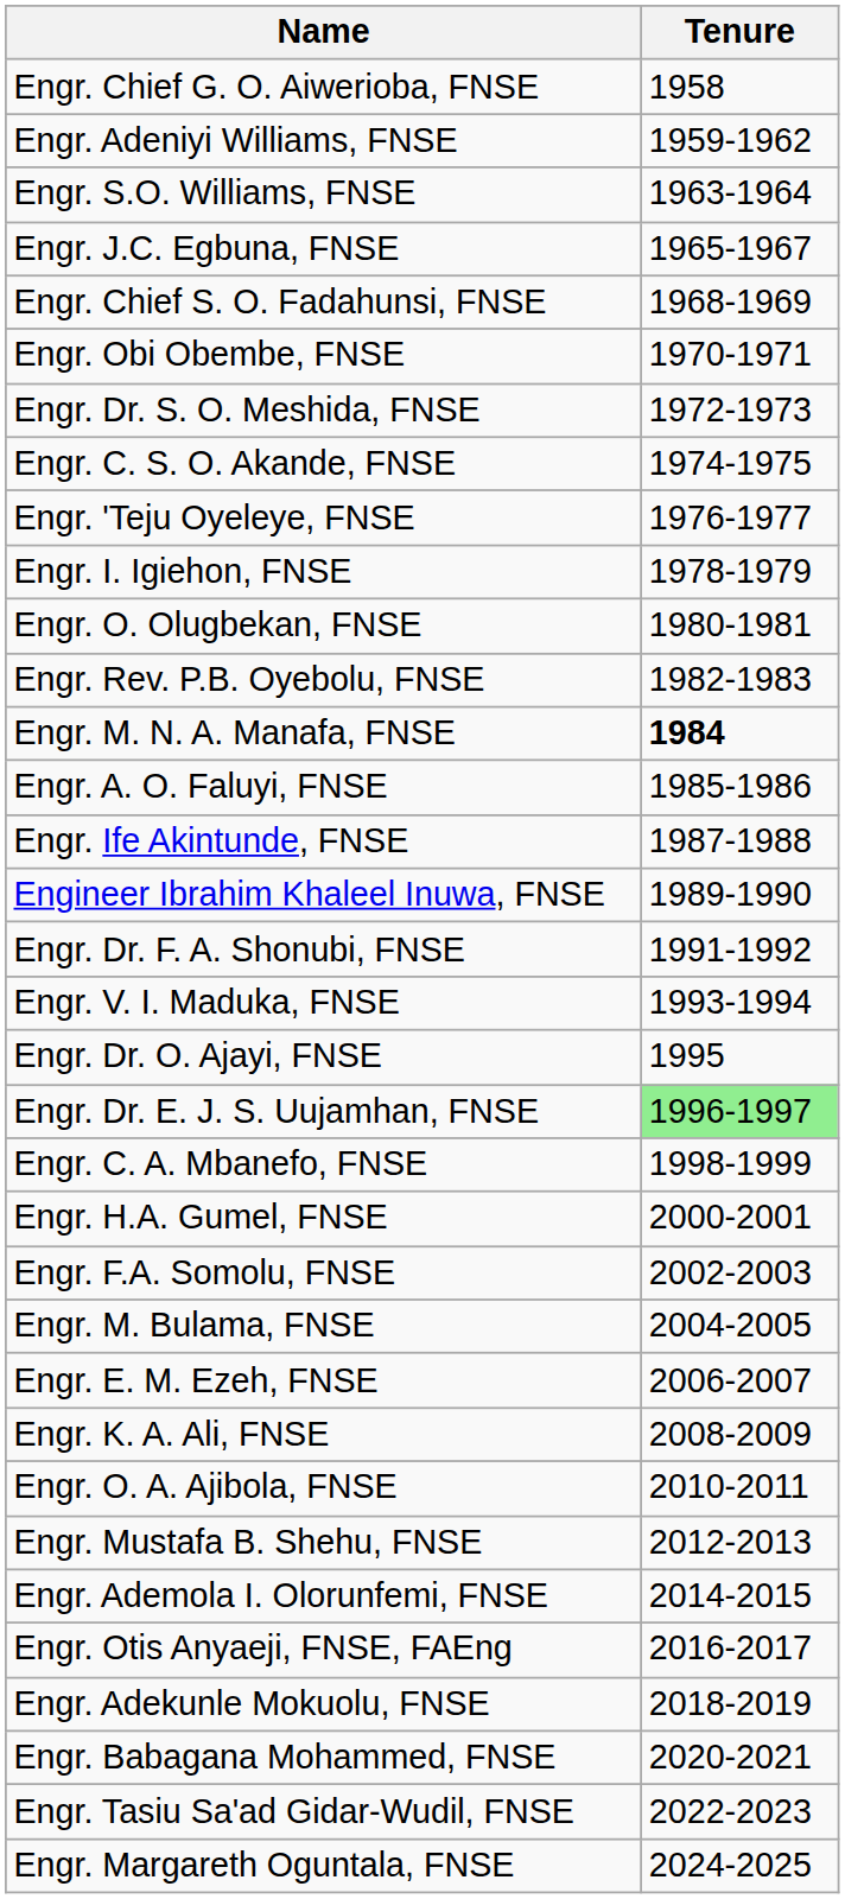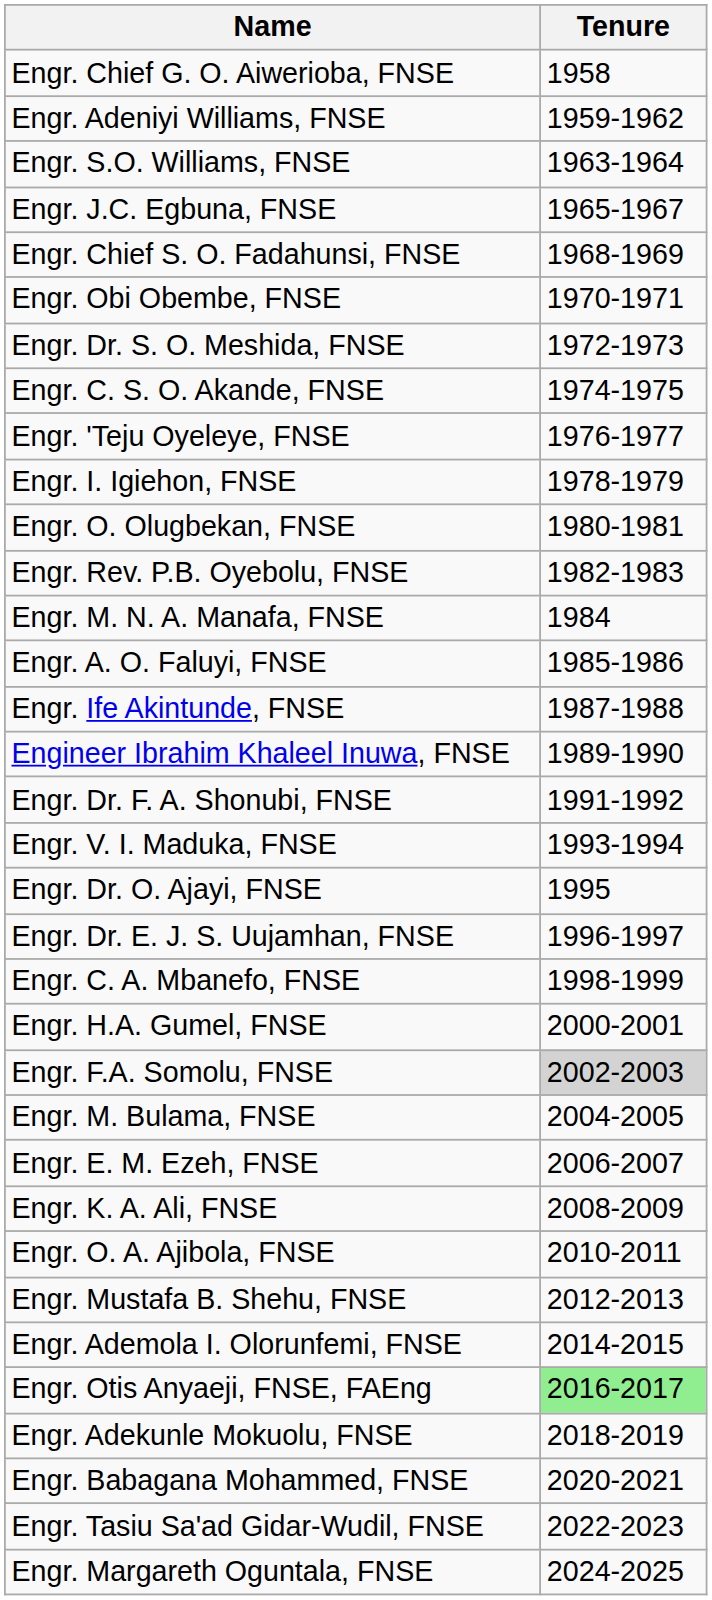 <table class="wikitable">
 <tr>
 <th>Name</th>
 <th>Tenure</th>
 </tr>
 <tr>
 <td>Engr. Chief G. O. Aiwerioba, FNSE</td>
 <td>1958</td>
 </tr>
 <tr>
 <td>Engr. Adeniyi Williams, FNSE                 </td>
 <td>1959-1962</td>
 </tr>
 <tr>
 <td>Engr. S.O. Williams, FNSE</td>
 <td>1963-1964  </td>
 </tr>
 <tr>
 <td>Engr. J.C. Egbuna, FNSE</td>
 <td>1965-1967</td>
 </tr>
 <tr>
 <td>Engr. Chief S. O. Fadahunsi, FNSE</td>
 <td>1968-1969</td>
 </tr>
 <tr>
 <td>Engr. Obi Obembe, FNSE</td>
 <td>1970-1971</td>
 </tr>
 <tr>
 <td>Engr. Dr. S. O. Meshida, FNSE</td>
 <td>1972-1973</td>
 </tr>
 <tr>
 <td>Engr. C. S. O. Akande, FNSE</td>
 <td>1974-1975</td>
 </tr>
 <tr>
 <td>Engr. 'Teju Oyeleye, FNSE</td>
 <td>1976-1977</td>
 </tr>
 <tr>
 <td>Engr. I. Igiehon, FNSE</td>
 <td>1978-1979</td>
 </tr>
 <tr>
 <td>Engr. O. Olugbekan, FNSE</td>
 <td>1980-1981</td>
 </tr>
 <tr>
 <td>Engr. Rev. P.B. Oyebolu, FNSE</td>
 <td>1982-1983</td>
 </tr>
 <tr>
 <td>Engr. M. N. A. Manafa, FNSE</td>
-<td><strong>1984</strong></td>
+<td>1984</td>
 </tr>
 <tr>
 <td>Engr. A. O. Faluyi, FNSE</td>
 <td>1985-1986</td>
 </tr>
 <tr>
 <td>Engr. <a href='#'>Ife Akintunde</a>, FNSE</td>
 <td>1987-1988</td>
 </tr>
 <tr>
 <td><a href='#'>Engineer Ibrahim Khaleel Inuwa</a>, FNSE   </td>
 <td>1989-1990</td>
 </tr>
 <tr>
 <td>Engr. Dr. F. A. Shonubi, FNSE</td>
 <td>1991-1992</td>
 </tr>
 <tr>
 <td>Engr. V. I. Maduka, FNSE</td>
 <td>1993-1994</td>
 </tr>
 <tr>
 <td>Engr. Dr. O. Ajayi, FNSE</td>
 <td>1995</td>
 </tr>
 <tr>
 <td>Engr. Dr. E. J. S. Uujamhan, FNSE</td>
-<td style="background: lightgreen;">1996-1997</td>
+<td>1996-1997</td>
 </tr>
 <tr>
 <td>Engr. C. A. Mbanefo, FNSE</td>
 <td>1998-1999</td>
 </tr>
 <tr>
 <td>Engr. H.A. Gumel, FNSE</td>
 <td>2000-2001</td>
 </tr>
 <tr>
 <td>Engr. F.A. Somolu, FNSE               </td>
-<td>2002-2003</td>
+<td style="background: lightgrey;">2002-2003</td>
 </tr>
 <tr>
 <td>Engr. M. Bulama, FNSE</td>
 <td>2004-2005</td>
 </tr>
 <tr>
 <td>Engr. E. M. Ezeh, FNSE</td>
 <td>2006-2007</td>
 </tr>
 <tr>
 <td>Engr. K. A. Ali, FNSE</td>
 <td>2008-2009</td>
 </tr>
 <tr>
 <td>Engr. O. A. Ajibola, FNSE</td>
 <td>2010-2011</td>
 </tr>
 <tr>
 <td>Engr. Mustafa B. Shehu, FNSE</td>
 <td>2012-2013</td>
 </tr>
 <tr>
 <td>Engr. Ademola I. Olorunfemi, FNSE</td>
 <td>2014-2015</td>
 </tr>
 <tr>
 <td>Engr. Otis Anyaeji, FNSE, FAEng</td>
-<td>2016-2017</td>
+<td style="background: lightgreen;">2016-2017</td>
 </tr>
 <tr>
 <td>Engr. Adekunle Mokuolu, FNSE</td>
 <td>2018-2019</td>
 </tr>
 <tr>
 <td>Engr. Babagana Mohammed, FNSE</td>
 <td>2020-2021</td>
 </tr>
 <tr>
 <td>Engr. Tasiu Sa'ad Gidar-Wudil, FNSE</td>
 <td>2022-2023</td>
 </tr>
 <tr>
 <td>Engr. Margareth Oguntala, FNSE</td>
 <td>2024-2025</td>
 </tr>
 </table>
